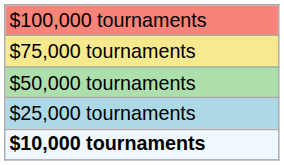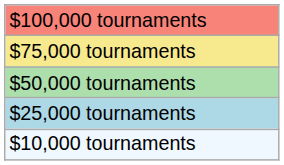 <table class="wikitable"  style="font-size:85%; width:15%;">
 <tr style="background:#f88379;">
 <td>$100,000 tournaments</td>
 </tr>
 <tr style="background:#f7e98e;">
 <td>$75,000 tournaments</td>
 </tr>
 <tr style="background:#addfad;">
 <td>$50,000 tournaments</td>
 </tr>
 <tr style="background:lightblue;">
 <td>$25,000 tournaments</td>
 </tr>
 <tr bgcolor="#f0f8ff">
-<td><strong>$10,000 tournaments</strong></td>
+<td>$10,000 tournaments</td>
 </tr>
 </table>
